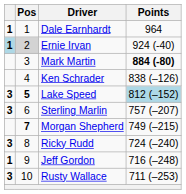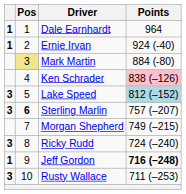 <table class="wikitable" style="font-size: 95%;">
 <tr>
 <th></th>
 <th>Pos</th>
 <th>Driver</th>
 <th>Points</th>
 </tr>
 <tr>
 <td align="left"> <strong>1</strong></td>
 <td style="text-align:center;">1</td>
 <td><a href='#'>Dale Earnhardt</a></td>
 <td style="text-align:center;">964</td>
 </tr>
 <tr>
-<td align="left" style="background: lightblue;"> <strong>1</strong></td>
-<td style="background: lightgrey; text-align:center;">2</td>
+<td align="left"> <strong>1</strong></td>
+<td style="text-align:center;">2</td>
 <td><a href='#'>Ernie Irvan</a></td>
 <td style="text-align:center;">924 (-40)</td>
 </tr>
 <tr>
 <td align="left"></td>
-<td style="text-align:center;">3</td>
+<td style="background: khaki; text-align:center;">3</td>
 <td><a href='#'>Mark Martin</a></td>
-<td style="text-align:center;"><strong>884 (-80)</strong></td>
+<td style="text-align:center;">884 (-80)</td>
 </tr>
 <tr>
 <td align="left"></td>
 <td style="text-align:center;">4</td>
 <td><a href='#'>Ken Schrader</a></td>
-<td style="text-align:center;">838 (–126)</td>
+<td style="background: pink; text-align:center;">838 (–126)</td>
 </tr>
 <tr>
 <td align="left"> <strong>3</strong></td>
-<td style="text-align:center;"><strong>5</strong></td>
+<td style="text-align:center;">5</td>
 <td><a href='#'>Lake Speed</a></td>
 <td style="background: lightblue; text-align:center;">812 (–152)</td>
 </tr>
 <tr>
 <td align="left"> <strong>3</strong></td>
-<td style="text-align:center;">6</td>
+<td style="text-align:center;"><strong>6</strong></td>
 <td><a href='#'>Sterling Marlin</a></td>
 <td style="text-align:center;">757 (–207)</td>
 </tr>
 <tr>
 <td align="left"></td>
-<td style="text-align:center;"><strong>7</strong></td>
+<td style="text-align:center;">7</td>
 <td><a href='#'>Morgan Shepherd</a></td>
 <td style="text-align:center;">749 (–215)</td>
 </tr>
 <tr>
 <td align="left"> <strong>3</strong></td>
 <td style="text-align:center;">8</td>
 <td><a href='#'>Ricky Rudd</a></td>
 <td style="text-align:center;">724 (–240)</td>
 </tr>
 <tr>
 <td align="left"> <strong>1</strong></td>
 <td style="text-align:center;">9</td>
 <td><a href='#'>Jeff Gordon</a></td>
-<td style="text-align:center;">716 (–248)</td>
+<td style="text-align:center;"><strong>716 (–248)</strong></td>
 </tr>
 <tr>
 <td align="left"> <strong>3</strong></td>
 <td style="text-align:center;">10</td>
 <td><a href='#'>Rusty Wallace</a></td>
 <td style="text-align:center;">711 (–253)</td>
 </tr>
 <tr class="sortbottom">
 <th colspan="9"></th>
 </tr>
 </table>
